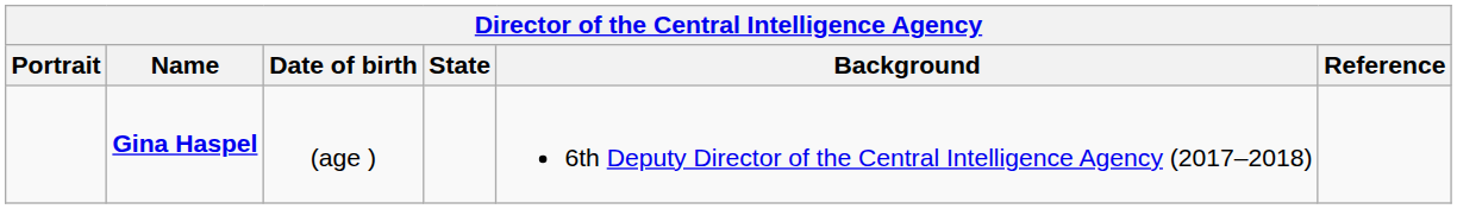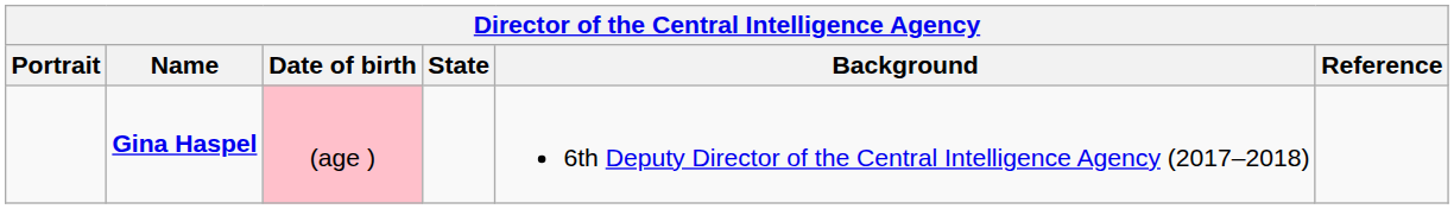 <table class="wikitable collapsible" style="text-align:center;">
 <tr>
 <th colspan="6"><a href='#'>Director of the Central Intelligence Agency</a></th>
 </tr>
 <tr>
 <th>Portrait</th>
 <th>Name</th>
 <th>Date of birth</th>
 <th>State</th>
 <th>Background</th>
 <th>Reference</th>
 </tr>
 <tr>
 <td></td>
 <td><strong><a href='#'>Gina Haspel</a></strong></td>
-<td><br>(age )</td>
+<td style="background: pink;"><br>(age )</td>
 <td></td>
 <td><br><ul><li>6th <a href='#'>Deputy Director of the Central Intelligence Agency</a> (2017–2018)</li></ul></td>
 <td></td>
 </tr>
 </table>
